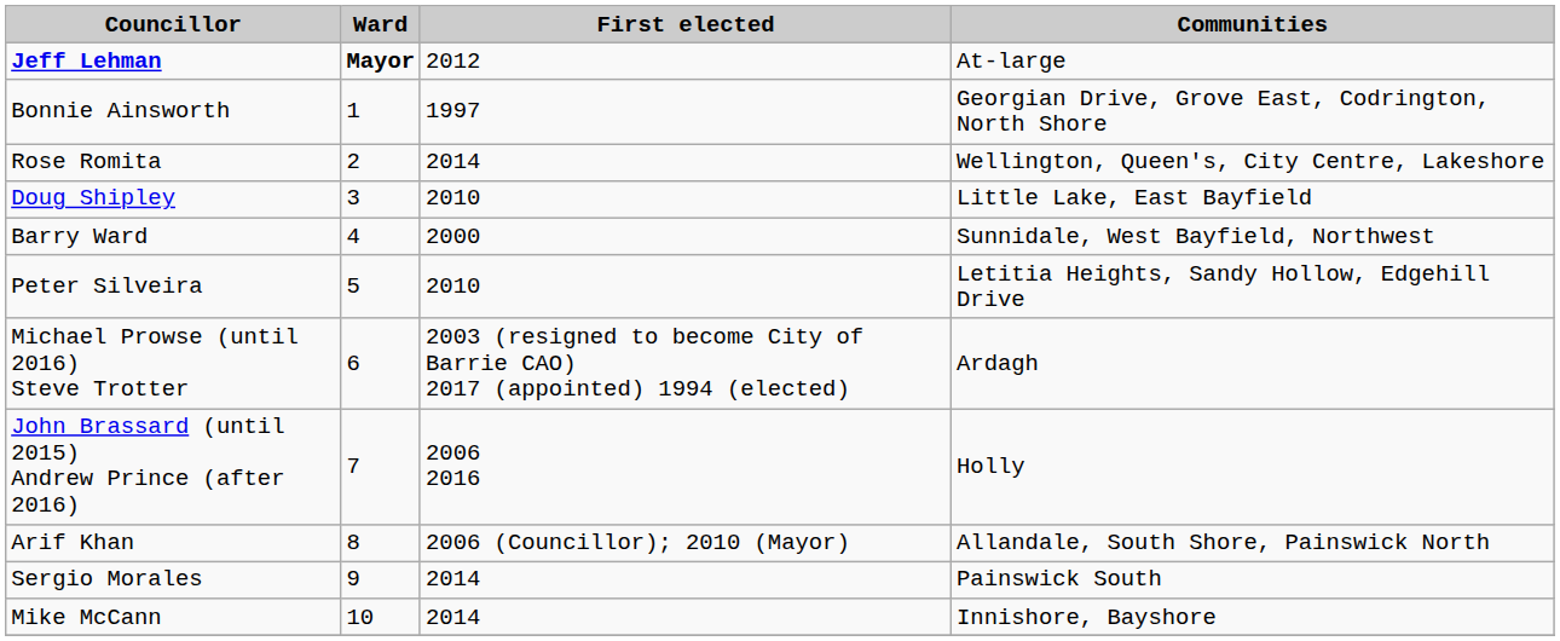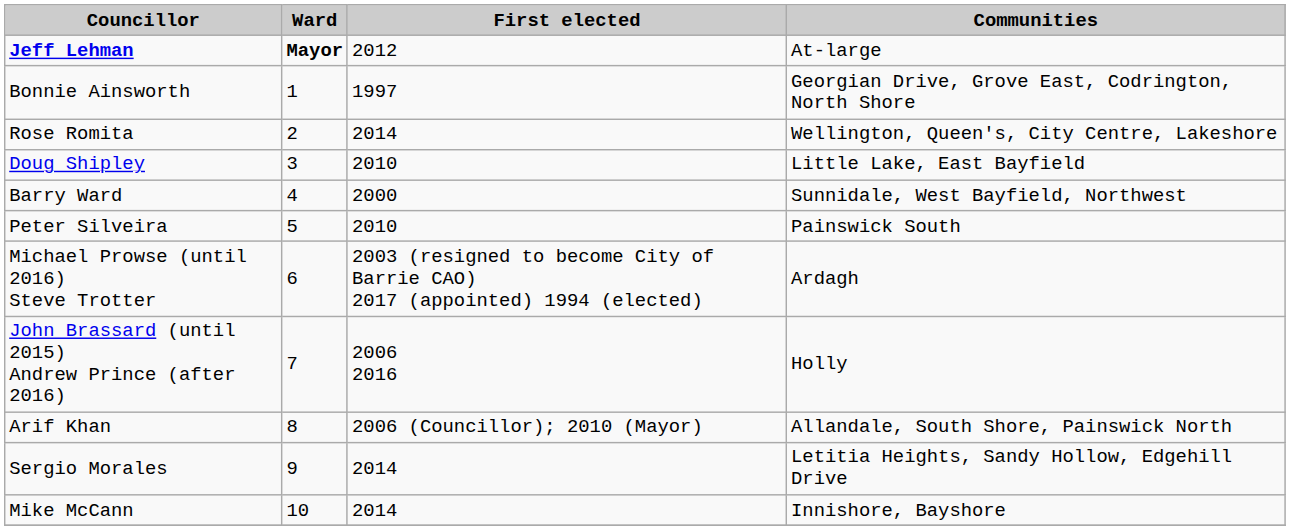 <table class="wikitable" width="100%">
 <tr>
 <th style="background:#cccccc;"><strong>Councillor</strong></th>
 <th style="background:#cccccc;"><strong>Ward</strong></th>
 <th style="background:#cccccc;"><strong>First elected</strong></th>
 <th style="background:#cccccc;"><strong>Communities</strong></th>
 </tr>
 <tr>
 <td><strong><a href='#'>Jeff Lehman</a></strong></td>
 <td><strong>Mayor</strong></td>
 <td>2012</td>
 <td>At-large</td>
 </tr>
 <tr>
 <td>Bonnie Ainsworth</td>
 <td>1</td>
 <td>1997</td>
 <td>Georgian Drive, Grove East, Codrington, North Shore</td>
 </tr>
 <tr>
 <td>Rose Romita</td>
 <td>2</td>
 <td>2014</td>
 <td>Wellington, Queen's, City Centre, Lakeshore</td>
 </tr>
 <tr>
 <td><a href='#'>Doug Shipley</a></td>
 <td>3</td>
 <td>2010</td>
 <td>Little Lake, East Bayfield</td>
 </tr>
 <tr>
 <td>Barry Ward</td>
 <td>4</td>
 <td>2000</td>
 <td>Sunnidale, West Bayfield, Northwest</td>
 </tr>
 <tr>
 <td>Peter Silveira</td>
 <td>5</td>
 <td>2010</td>
-<td>Letitia Heights, Sandy Hollow, Edgehill Drive</td>
+<td>Painswick South</td>
 </tr>
 <tr>
 <td>Michael Prowse (until 2016)<br>Steve Trotter</td>
 <td>6</td>
 <td>2003 (resigned to become City of Barrie CAO)<br>2017 (appointed) 1994 (elected)</td>
 <td>Ardagh</td>
 </tr>
 <tr>
 <td><a href='#'>John Brassard</a> (until 2015)<br> Andrew Prince (after 2016)</td>
 <td>7</td>
 <td>2006<br>2016</td>
 <td>Holly</td>
 </tr>
 <tr>
 <td>Arif Khan</td>
 <td>8</td>
 <td>2006 (Councillor); 2010 (Mayor)</td>
 <td>Allandale, South Shore, Painswick North</td>
 </tr>
 <tr>
 <td>Sergio Morales</td>
 <td>9</td>
 <td>2014</td>
-<td>Painswick South</td>
+<td>Letitia Heights, Sandy Hollow, Edgehill Drive</td>
 </tr>
 <tr>
 <td>Mike McCann</td>
 <td>10</td>
 <td>2014</td>
 <td>Innishore, Bayshore</td>
 </tr>
 <tr>
 </tr>
 </table>
